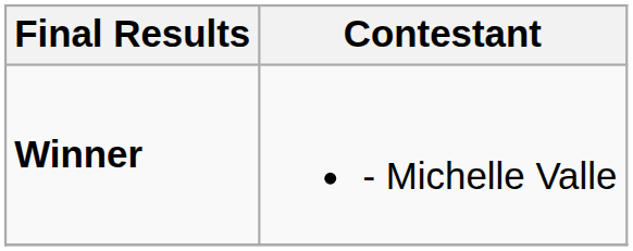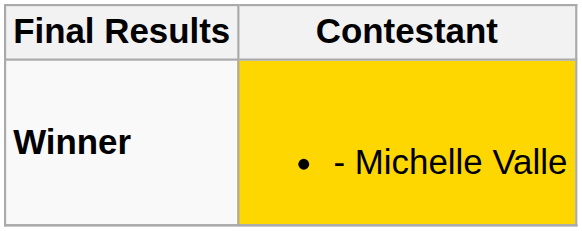 <table class="wikitable">
 <tr>
 <th>Final Results</th>
 <th>Contestant</th>
 </tr>
 <tr>
 <td><strong>Winner</strong></td>
-<td><br><ul><li><strong></strong> - Michelle Valle</li></ul></td>
+<td style="background: gold;"><br><ul><li><strong></strong> - Michelle Valle</li></ul></td>
 </tr>
 <tr>
 </tr>
 </table>
